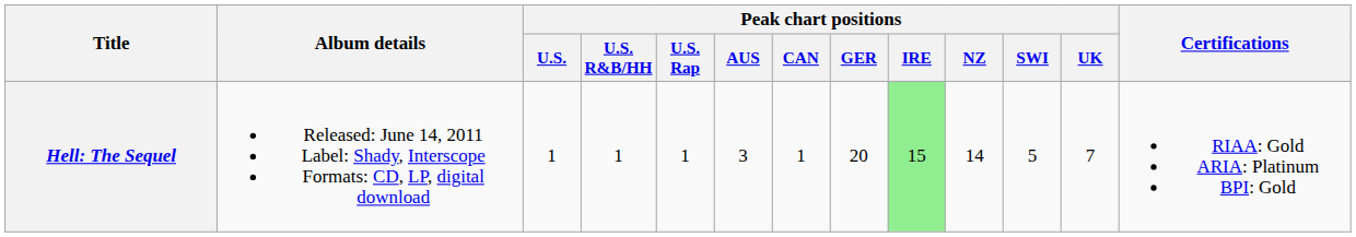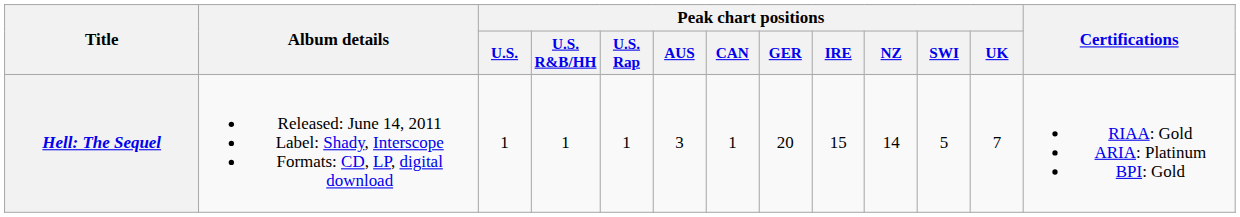 <table class="wikitable plainrowheaders" style="text-align:center;">
 <tr>
 <th scope="col" rowspan="2" style="width:11em;">Title</th>
 <th scope="col" rowspan="2" style="width:16em;">Album details</th>
 <th scope="col" colspan="10">Peak chart positions</th>
 <th scope="col" rowspan="2" style="width:12em;"><a href='#'>Certifications</a></th>
 </tr>
 <tr>
 <th style="width:3em;font-size:90%;"><a href='#'>U.S.</a><br></th>
 <th style="width:3em;font-size:90%;"><a href='#'>U.S. R&B/HH</a><br></th>
 <th style="width:3em;font-size:90%;"><a href='#'>U.S. Rap</a><br></th>
 <th style="width:3em;font-size:90%;"><a href='#'>AUS</a><br></th>
 <th style="width:3em;font-size:90%;"><a href='#'>CAN</a><br></th>
 <th style="width:3em;font-size:90%;"><a href='#'>GER</a><br></th>
 <th style="width:3em;font-size:90%;"><a href='#'>IRE</a><br></th>
 <th style="width:3em;font-size:90%;"><a href='#'>NZ</a><br></th>
 <th style="width:3em;font-size:90%;"><a href='#'>SWI</a><br></th>
 <th style="width:3em;font-size:90%;"><a href='#'>UK</a><br></th>
 </tr>
 <tr>
 <th scope="row"><em><a href='#'>Hell: The Sequel</a></em></th>
 <td><br><ul><li>Released: June 14, 2011</li><li>Label: <a href='#'>Shady</a>, <a href='#'>Interscope</a></li><li>Formats: <a href='#'>CD</a>, <a href='#'>LP</a>, <a href='#'>digital download</a></li></ul></td>
 <td>1</td>
 <td>1</td>
 <td>1</td>
 <td>3</td>
 <td>1</td>
 <td>20</td>
-<td style="background: lightgreen;">15</td>
+<td>15</td>
 <td>14</td>
 <td>5</td>
 <td>7</td>
 <td><br><ul><li><a href='#'>RIAA</a>: Gold</li><li><a href='#'>ARIA</a>: Platinum</li><li><a href='#'>BPI</a>: Gold</li></ul></td>
 </tr>
 </table>
